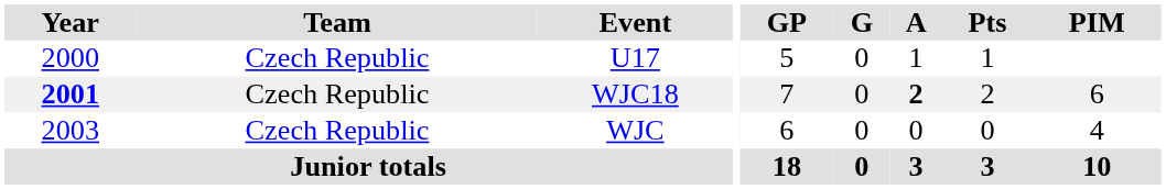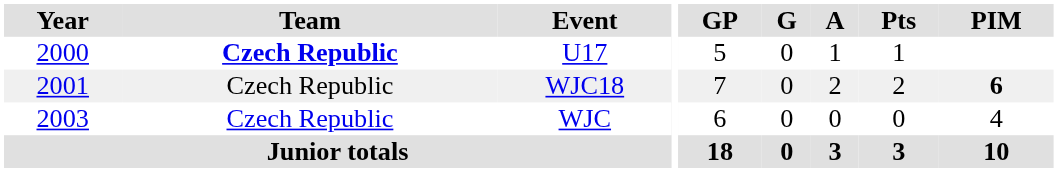 <table border="0" cellpadding="1" cellspacing="0" ID="Table3" style="text-align:center; width:40em">
 <tr ALIGN="center" bgcolor="#e0e0e0">
 <th>Year</th>
 <th>Team</th>
 <th>Event</th>
 <th rowspan="99" bgcolor="#ffffff"></th>
 <th>GP</th>
 <th>G</th>
 <th>A</th>
 <th>Pts</th>
 <th>PIM</th>
 </tr>
 <tr>
 <td><a href='#'>2000</a></td>
-<td><a href='#'>Czech Republic</a></td>
+<td><strong><a href='#'>Czech Republic</a></strong></td>
 <td><a href='#'>U17</a></td>
 <td>5</td>
 <td>0</td>
 <td>1</td>
 <td>1</td>
 <td></td>
 </tr>
 <tr bgcolor="#f0f0f0">
-<td><strong><a href='#'>2001</a></strong></td>
+<td><a href='#'>2001</a></td>
 <td>Czech Republic</td>
 <td><a href='#'>WJC18</a></td>
 <td>7</td>
 <td>0</td>
-<td><strong>2</strong></td>
 <td>2</td>
-<td>6</td>
+<td>2</td>
+<td><strong>6</strong></td>
 </tr>
 <tr>
 <td><a href='#'>2003</a></td>
 <td><a href='#'>Czech Republic</a></td>
 <td><a href='#'>WJC</a></td>
 <td>6</td>
 <td>0</td>
 <td>0</td>
 <td>0</td>
 <td>4</td>
 </tr>
 <tr bgcolor="#e0e0e0">
 <th colspan="3">Junior totals</th>
 <th>18</th>
 <th>0</th>
 <th>3</th>
 <th>3</th>
 <th>10</th>
 </tr>
 </table>
